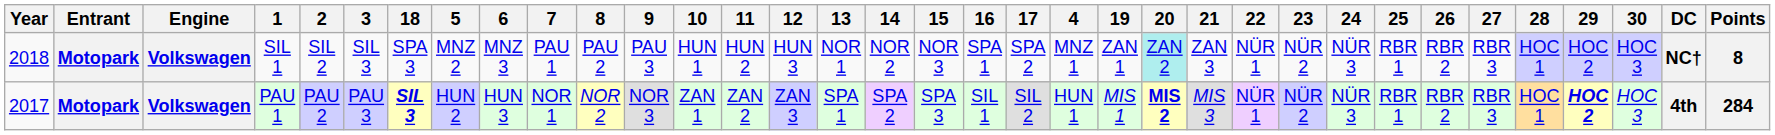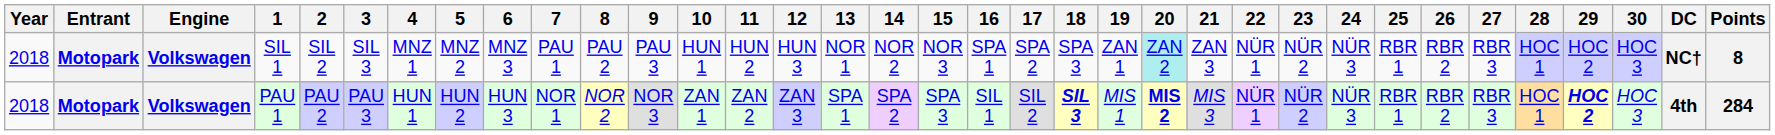 <table class="wikitable" style="text-align:center; font-size:85%">
 <tr>
 <th>Year</th>
 <th>Entrant</th>
 <th>Engine</th>
 <th>1</th>
 <th>2</th>
 <th>3</th>
-<th>18</th>
+<th>4</th>
 <th>5</th>
 <th>6</th>
 <th>7</th>
 <th>8</th>
 <th>9</th>
 <th>10</th>
 <th>11</th>
 <th>12</th>
 <th>13</th>
 <th>14</th>
 <th>15</th>
 <th>16</th>
 <th>17</th>
-<th>4</th>
+<th>18</th>
 <th>19</th>
 <th>20</th>
 <th>21</th>
 <th>22</th>
 <th>23</th>
 <th>24</th>
 <th>25</th>
 <th>26</th>
 <th>27</th>
 <th>28</th>
 <th>29</th>
 <th>30</th>
 <th>DC</th>
 <th>Points</th>
 </tr>
 <tr>
 <td><a href='#'>2018</a></td>
 <th nowrap><a href='#'>Motopark</a></th>
 <th nowrap><a href='#'>Volkswagen</a></th>
 <td><a href='#'>SIL<br>1</a></td>
 <td><a href='#'>SIL<br>2</a></td>
 <td><a href='#'>SIL<br>3</a></td>
-<td><a href='#'>SPA<br>3</a></td>
+<td><a href='#'>MNZ<br>1</a></td>
 <td><a href='#'>MNZ<br>2</a></td>
 <td><a href='#'>MNZ<br>3</a></td>
 <td><a href='#'>PAU<br>1</a></td>
 <td><a href='#'>PAU<br>2</a></td>
 <td><a href='#'>PAU<br>3</a></td>
 <td><a href='#'>HUN<br>1</a></td>
 <td><a href='#'>HUN<br>2</a></td>
 <td><a href='#'>HUN<br>3</a></td>
 <td><a href='#'>NOR<br>1</a></td>
 <td><a href='#'>NOR<br>2</a></td>
 <td><a href='#'>NOR<br>3</a></td>
 <td><a href='#'>SPA<br>1</a></td>
 <td><a href='#'>SPA<br>2</a></td>
-<td><a href='#'>MNZ<br>1</a></td>
+<td><a href='#'>SPA<br>3</a></td>
 <td><a href='#'>ZAN<br>1</a></td>
 <td style="background: paleturquoise;"><a href='#'>ZAN<br>2</a></td>
 <td><a href='#'>ZAN<br>3</a></td>
 <td><a href='#'>NÜR<br>1</a></td>
 <td><a href='#'>NÜR<br>2</a></td>
 <td><a href='#'>NÜR<br>3</a></td>
 <td><a href='#'>RBR<br>1</a></td>
 <td><a href='#'>RBR<br>2</a></td>
 <td><a href='#'>RBR<br>3</a></td>
 <td style="background:#CFCFFF;"><a href='#'>HOC<br>1</a><br></td>
 <td style="background:#CFCFFF;"><a href='#'>HOC<br>2</a><br></td>
 <td style="background:#CFCFFF;"><a href='#'>HOC<br>3</a><br></td>
 <th>NC†</th>
 <th>8</th>
 </tr>
 <tr>
-<td><a href='#'>2017</a></td>
+<td><a href='#'>2018</a></td>
 <th nowrap><a href='#'>Motopark</a></th>
 <th nowrap><a href='#'>Volkswagen</a></th>
 <td style="background:#DFFFDF;"><a href='#'>PAU<br>1</a><br></td>
 <td style="background:#CFCFFF;"><a href='#'>PAU<br>2</a><br></td>
 <td style="background:#CFCFFF;"><a href='#'>PAU<br>3</a><br></td>
-<td style="background:#FFFFBF;"><strong><em><a href='#'>SIL<br>3</a></em></strong><br></td>
+<td style="background:#DFFFDF;"><a href='#'>HUN<br>1</a><br></td>
 <td style="background:#CFCFFF;"><a href='#'>HUN<br>2</a><br></td>
 <td style="background:#DFFFDF;"><a href='#'>HUN<br>3</a><br></td>
 <td style="background:#DFFFDF;"><a href='#'>NOR<br>1</a><br></td>
 <td style="background:#FFFFBF;"><em><a href='#'>NOR<br>2</a></em><br></td>
 <td style="background:#DFDFDF;"><a href='#'>NOR<br>3</a><br></td>
 <td style="background:#DFFFDF;"><a href='#'>ZAN<br>1</a><br></td>
 <td style="background:#DFFFDF;"><a href='#'>ZAN<br>2</a><br></td>
 <td style="background:#CFCFFF;"><a href='#'>ZAN<br>3</a><br></td>
 <td style="background:#DFFFDF;"><a href='#'>SPA<br>1</a><br></td>
 <td style="background:#EFCFFF;"><a href='#'>SPA<br>2</a><br></td>
 <td style="background:#DFFFDF;"><a href='#'>SPA<br>3</a><br></td>
 <td style="background:#DFFFDF;"><a href='#'>SIL<br>1</a><br></td>
 <td style="background:#DFDFDF;"><a href='#'>SIL<br>2</a><br></td>
-<td style="background:#DFFFDF;"><a href='#'>HUN<br>1</a><br></td>
+<td style="background:#FFFFBF;"><strong><em><a href='#'>SIL<br>3</a></em></strong><br></td>
 <td style="background:#DFFFDF;"><em><a href='#'>MIS<br>1</a></em><br></td>
 <td style="background:#FFFFBF;"><strong><a href='#'>MIS<br>2</a></strong><br></td>
 <td style="background:#DFDFDF;"><em><a href='#'>MIS<br>3</a></em><br></td>
 <td style="background:#EFCFFF;"><a href='#'>NÜR<br>1</a><br></td>
 <td style="background:#CFCFFF;"><a href='#'>NÜR<br>2</a><br></td>
 <td style="background:#DFFFDF;"><a href='#'>NÜR<br>3</a><br></td>
 <td style="background:#DFFFDF;"><a href='#'>RBR<br>1</a><br></td>
 <td style="background:#DFFFDF;"><a href='#'>RBR<br>2</a><br></td>
 <td style="background:#DFFFDF;"><a href='#'>RBR<br>3</a><br></td>
 <td style="background:#FFDF9F;"><a href='#'>HOC<br>1</a><br></td>
 <td style="background:#FFFFBF;"><strong><em><a href='#'>HOC<br>2</a></em></strong><br></td>
 <td style="background:#DFFFDF;"><em><a href='#'>HOC<br>3</a></em><br></td>
 <th>4th</th>
 <th>284</th>
 </tr>
 </table>
